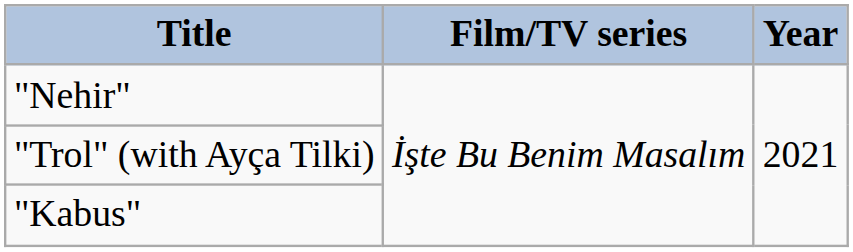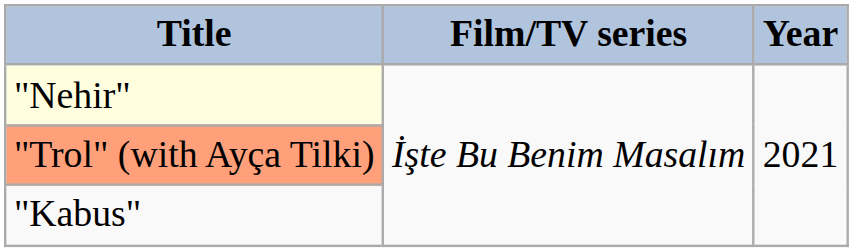 <table class="wikitable">
 <tr>
 <th style="background:LightSteelBlue">Title</th>
 <th style="background:LightSteelBlue">Film/TV series</th>
 <th style="background:LightSteelBlue">Year</th>
 </tr>
 <tr>
-<td>"Nehir"</td>
+<td style="background: lightyellow;">"Nehir"</td>
 <td rowspan="3"><em>İşte Bu Benim Masalım</em></td>
 <td rowspan="3">2021</td>
 </tr>
 <tr>
-<td>"Trol" (with Ayça Tilki)</td>
+<td style="background: lightsalmon;">"Trol" (with Ayça Tilki)</td>
 </tr>
 <tr>
 <td>"Kabus"</td>
 </tr>
 </table>
